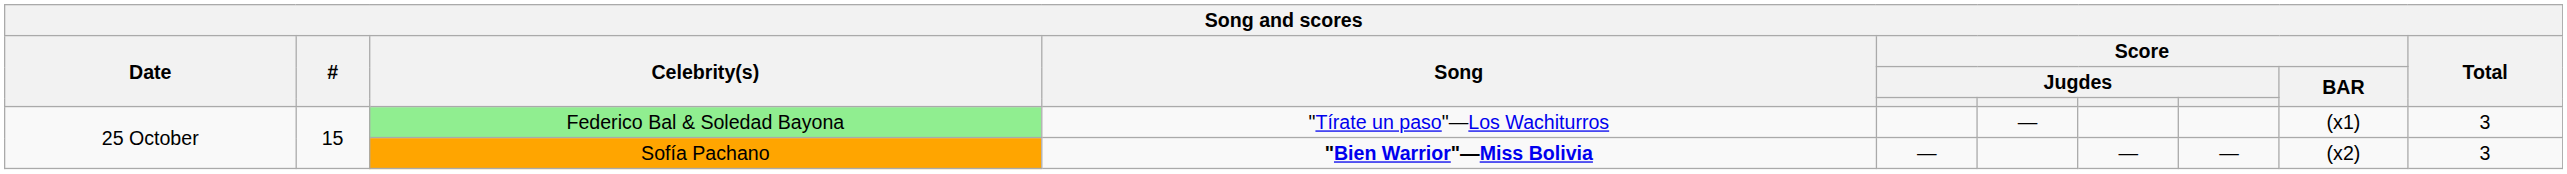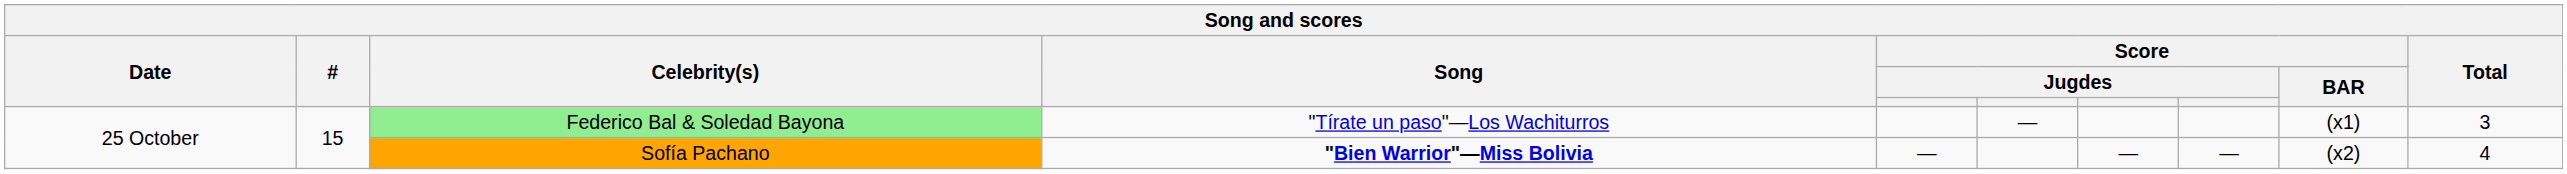 <table class="wikitable collapsible collapsed" style="font-size:95%; text-align: center; width: 100%;">
 <tr>
 <th colspan="11" style="with: 100%;" align=center>Song and scores</th>
 </tr>
 <tr>
 <th rowspan="3" width="100">Date</th>
 <th rowspan="3" width="20">#</th>
 <th rowspan="3" width="240">Celebrity(s)</th>
 <th rowspan="3" width="300">Song</th>
 <th colspan="5">Score</th>
 <th rowspan="3" width="50">Total</th>
 </tr>
 <tr>
 <th colspan="4">Jugdes</th>
 <th rowspan="2" width=40>BAR<br></th>
 </tr>
 <tr>
 <th width=30></th>
 <th width=30></th>
 <th width=30></th>
 <th width=30></th>
 </tr>
 <tr>
 <td rowspan="2">25 October</td>
 <td rowspan="2">15</td>
 <td bgcolor="lightgreen">Federico Bal & Soledad Bayona</td>
 <td>"<a href='#'>Tírate un paso</a>"—<a href='#'>Los Wachiturros</a></td>
 <td></td>
 <td>—</td>
 <td></td>
 <td></td>
 <td> (x1)</td>
 <td>3</td>
 </tr>
 <tr>
 <td bgcolor="orange">Sofía Pachano</td>
 <td><strong>"<a href='#'>Bien Warrior</a>"—<a href='#'>Miss Bolivia</a></strong></td>
 <td>—</td>
 <td></td>
 <td>—</td>
 <td>—</td>
 <td> (x2)</td>
-<td>3</td>
+<td>4</td>
 </tr>
 </table>
